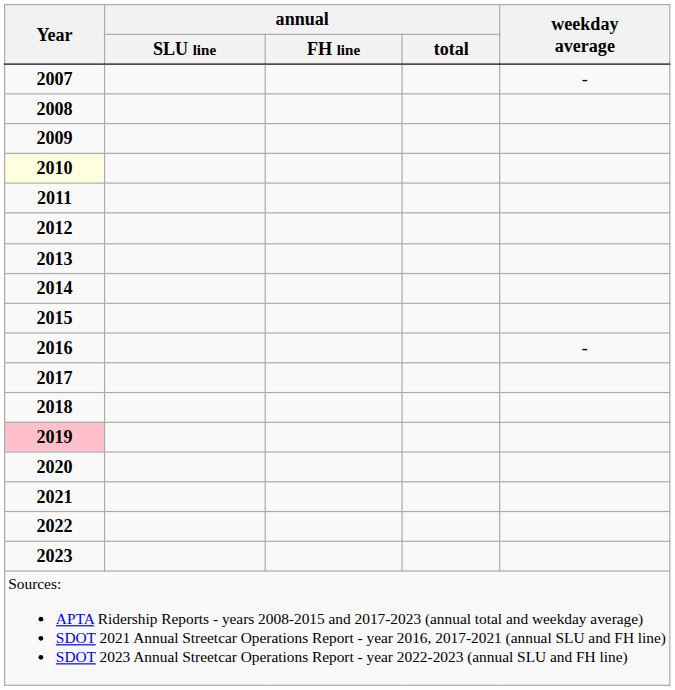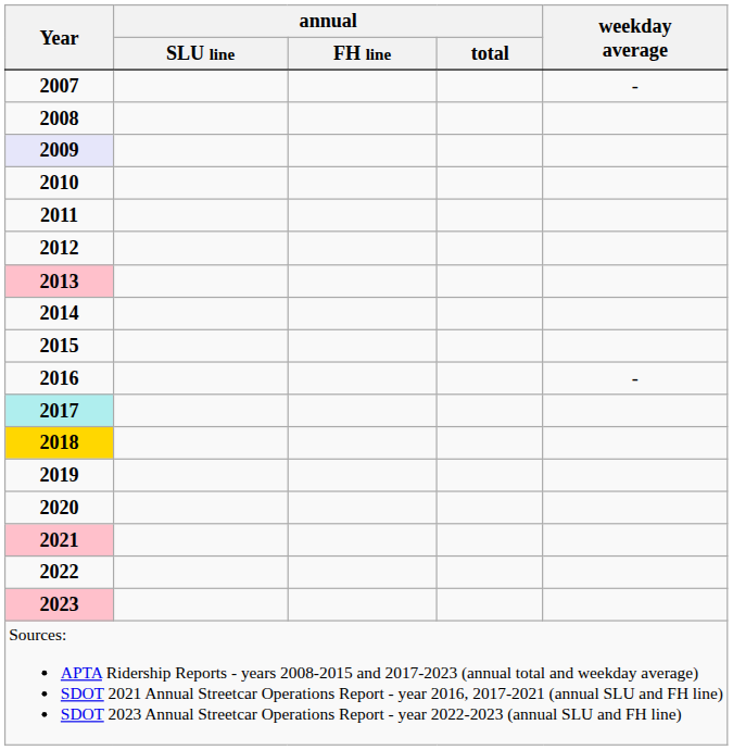 <table class="wikitable sortable" style="font-size:95%; text-align:center">
 <tr>
 <th rowspan="2" style="border-bottom:1px solid black">Year</th>
 <th colspan="3">annual</th>
 <th rowspan="2" style="border-bottom:1px solid black">weekday<br>average</th>
 </tr>
 <tr>
 <th style="border-bottom:1px solid black">SLU <small>line</small></th>
 <th style="border-bottom:1px solid black">FH <small>line</small></th>
 <th style="border-bottom:1px solid black">total</th>
 </tr>
 <tr>
 <td><strong>2007</strong></td>
 <td></td>
 <td></td>
 <td></td>
 <td>-</td>
 </tr>
 <tr>
 <td><strong>2008</strong></td>
 <td></td>
 <td></td>
 <td></td>
 <td></td>
 </tr>
 <tr>
-<td><strong>2009</strong></td>
+<td style="background: lavender;"><strong>2009</strong></td>
 <td></td>
 <td></td>
 <td></td>
 <td></td>
 </tr>
 <tr>
-<td style="background: lightyellow;"><strong>2010</strong></td>
+<td><strong>2010</strong></td>
 <td></td>
 <td></td>
 <td></td>
 <td></td>
 </tr>
 <tr>
 <td><strong>2011</strong></td>
 <td></td>
 <td></td>
 <td></td>
 <td></td>
 </tr>
 <tr>
 <td><strong>2012</strong></td>
 <td></td>
 <td></td>
 <td></td>
 <td></td>
 </tr>
 <tr>
-<td><strong>2013</strong></td>
+<td style="background: pink;"><strong>2013</strong></td>
 <td></td>
 <td></td>
 <td></td>
 <td></td>
 </tr>
 <tr>
 <td><strong>2014</strong></td>
 <td></td>
 <td></td>
 <td></td>
 <td></td>
 </tr>
 <tr>
 <td><strong>2015</strong></td>
 <td></td>
 <td></td>
 <td></td>
 <td></td>
 </tr>
 <tr>
 <td><strong>2016</strong></td>
 <td></td>
 <td></td>
 <td></td>
 <td>-</td>
 </tr>
 <tr>
-<td><strong>2017</strong></td>
+<td style="background: paleturquoise;"><strong>2017</strong></td>
 <td></td>
 <td></td>
 <td></td>
 <td></td>
 </tr>
 <tr>
-<td><strong>2018</strong></td>
+<td style="background: gold;"><strong>2018</strong></td>
 <td></td>
 <td></td>
 <td></td>
 <td></td>
 </tr>
 <tr>
-<td style="background: pink;"><strong>2019</strong></td>
+<td><strong>2019</strong></td>
 <td></td>
 <td></td>
 <td></td>
 <td></td>
 </tr>
 <tr>
 <td><strong>2020</strong></td>
 <td></td>
 <td></td>
 <td></td>
 <td></td>
 </tr>
 <tr>
-<td><strong>2021</strong></td>
+<td style="background: pink;"><strong>2021</strong></td>
 <td></td>
 <td></td>
 <td></td>
 <td></td>
 </tr>
 <tr>
 <td><strong>2022</strong></td>
 <td></td>
 <td></td>
 <td></td>
 <td></td>
 </tr>
 <tr>
-<td><strong>2023</strong></td>
+<td style="background: pink;"><strong>2023</strong></td>
 <td></td>
 <td></td>
 <td></td>
 <td></td>
 </tr>
 <tr class="sortbottom">
 <td colspan="5" style="border-top:1px solid black; font-size:85%; text-align:left">Sources:<br><ul><li><a href='#'>APTA</a> Ridership Reports - years 2008-2015 and 2017-2023 (annual total and weekday average)</li><li><a href='#'>SDOT</a> 2021 Annual Streetcar Operations Report - year 2016, 2017-2021 (annual SLU and FH line)</li><li><a href='#'>SDOT</a> 2023 Annual Streetcar Operations Report - year 2022-2023 (annual SLU and FH line)</li></ul></td>
 </tr>
 </table>
